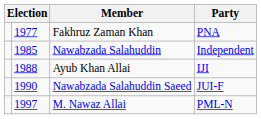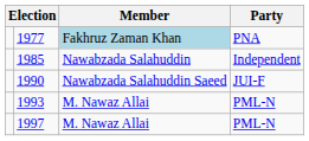 <table class="wikitable">
 <tr>
 <th colspan="2">Election</th>
 <th>Member</th>
 <th>Party</th>
 </tr>
 <tr>
 <td style="background-color: "></td>
 <td><a href='#'>1977</a></td>
-<td>Fakhruz Zaman Khan</td>
+<td style="background: lightblue;">Fakhruz Zaman Khan</td>
 <td><a href='#'>PNA</a></td>
 </tr>
 <tr>
 <td style="background-color: "></td>
 <td><a href='#'>1985</a></td>
 <td><a href='#'>Nawabzada Salahuddin</a></td>
 <td><a href='#'>Independent</a></td>
 </tr>
 <tr>
 <td style="background-color: "></td>
-<td><a href='#'>1988</a></td>
-<td>Ayub Khan Allai</td>
-<td><a href='#'>IJI</a></td>
+<td><a href='#'>1990</a></td>
+<td><a href='#'>Nawabzada Salahuddin Saeed</a></td>
+<td><a href='#'>JUI-F</a></td>
 </tr>
 <tr>
 <td style="background-color: "></td>
-<td><a href='#'>1990</a></td>
-<td><a href='#'>Nawabzada Salahuddin Saeed</a></td>
-<td><a href='#'>JUI-F</a></td>
+<td><a href='#'>1993</a></td>
+<td><a href='#'>M. Nawaz Allai</a></td>
+<td><a href='#'>PML-N</a></td>
 </tr>
 <tr>
 <td style="background-color: "></td>
 <td><a href='#'>1997</a></td>
 <td><a href='#'>M. Nawaz Allai</a></td>
 <td><a href='#'>PML-N</a></td>
 </tr>
 </table>
